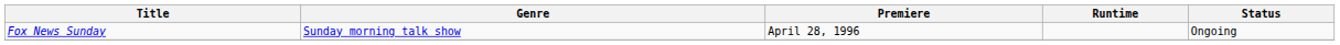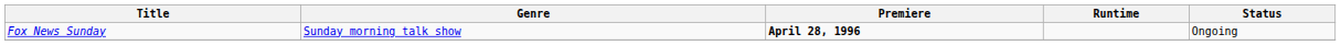 <table class="wikitable sortable" style="width:80%">
 <tr>
 <th>Title</th>
 <th>Genre</th>
 <th>Premiere</th>
 <th>Runtime</th>
 <th>Status</th>
 </tr>
 <tr>
 <td><em><a href='#'>Fox News Sunday</a></em></td>
 <td><a href='#'>Sunday morning talk show</a></td>
-<td>April 28, 1996</td>
+<td><strong>April 28, 1996</strong></td>
 <td></td>
 <td>Ongoing</td>
 </tr>
 <tr>
 </tr>
 </table>
